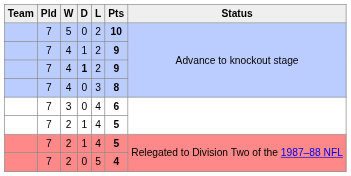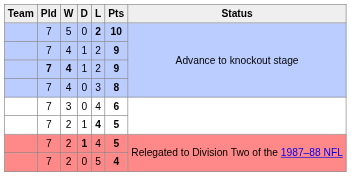 <table style=border-collapse:collapse border=1 cellspacing=0 cellpadding=5>
 <tr align=center bgcolor=#efefef>
 <th>Team</th>
 <th>Pld</th>
 <th>W</th>
 <th>D</th>
 <th>L</th>
 <th>Pts</th>
 <th>Status</th>
 </tr>
 <tr align=center style="background:#bbccff;">
 <td style="text-align:left;"> </td>
 <td>7</td>
 <td>5</td>
 <td>0</td>
-<td>2</td>
+<td><strong>2</strong></td>
 <td><strong>10</strong></td>
 <td rowspan=4>Advance to knockout stage</td>
 </tr>
 <tr align=center style="background:#bbccff;">
 <td style="text-align:left;"> </td>
 <td>7</td>
 <td>4</td>
 <td>1</td>
 <td>2</td>
 <td><strong>9</strong></td>
 </tr>
 <tr align=center style="background:#bbccff;">
 <td style="text-align:left;"> </td>
-<td>7</td>
-<td>4</td>
-<td><strong>1</strong></td>
+<td><strong>7</strong></td>
+<td><strong>4</strong></td>
+<td>1</td>
 <td>2</td>
 <td><strong>9</strong></td>
 </tr>
 <tr align=center style="background:#bbccff;">
 <td style="text-align:left;"> </td>
 <td>7</td>
 <td>4</td>
 <td>0</td>
 <td>3</td>
 <td><strong>8</strong></td>
 </tr>
 <tr align=center style="background:#FFFFFF;">
 <td style="text-align:left;"> </td>
 <td>7</td>
 <td>3</td>
 <td>0</td>
 <td>4</td>
 <td><strong>6</strong></td>
 <td rowspan=2></td>
 </tr>
 <tr align=center style="background:#FFFFFF;">
 <td style="text-align:left;"> </td>
 <td>7</td>
 <td>2</td>
 <td>1</td>
-<td>4</td>
+<td><strong>4</strong></td>
 <td><strong>5</strong></td>
 </tr>
 <tr align=center style="background:#FF8888;">
 <td style="text-align:left;"> </td>
 <td>7</td>
 <td>2</td>
-<td>1</td>
+<td><strong>1</strong></td>
 <td>4</td>
 <td><strong>5</strong></td>
 <td rowspan=2>Relegated to Division Two of the <a href='#'>1987–88 NFL</a></td>
 </tr>
 <tr align=center style="background:#FF8888;">
 <td style="text-align:left;"> </td>
 <td>7</td>
 <td>2</td>
 <td>0</td>
 <td>5</td>
 <td><strong>4</strong></td>
 </tr>
 </table>
